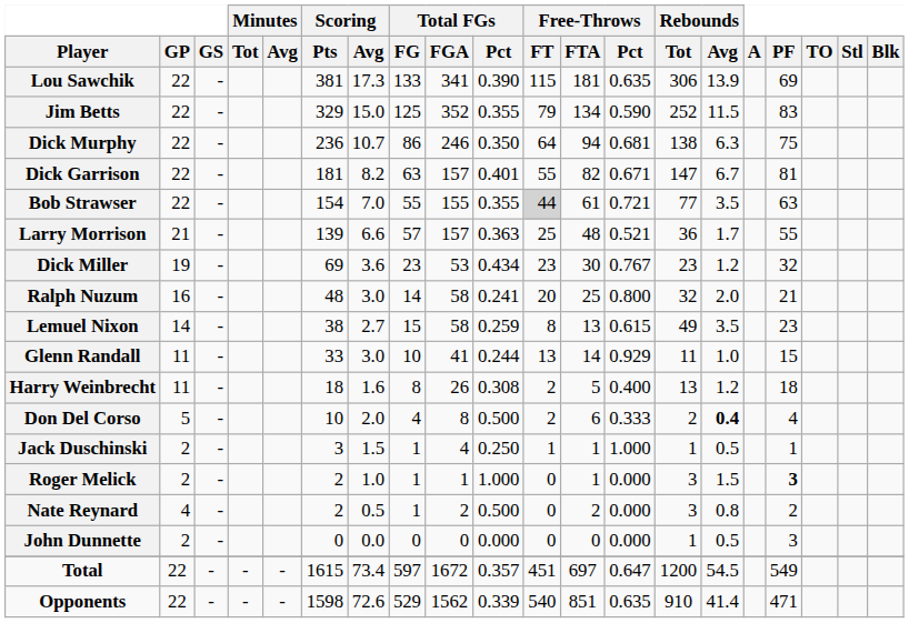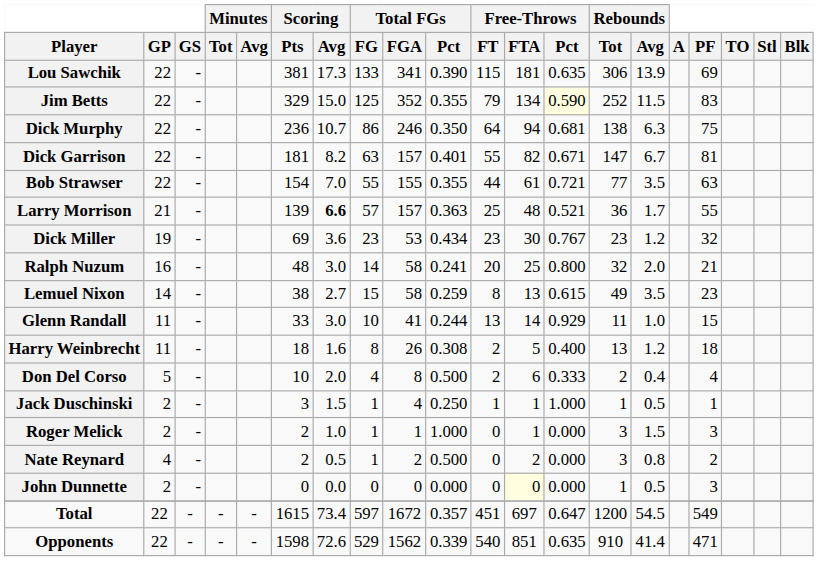 <table class="wikitable sortable" border="1" style="font-size:90%;">
 <tr>
 <th colspan="3" style="border-top-style:hidden; border-left-style:hidden; background: white;"></th>
 <th colspan="2" style=>Minutes</th>
 <th colspan="2" style=>Scoring</th>
 <th colspan="3" style=>Total FGs</th>
 <th colspan="3" style=>Free-Throws</th>
 <th colspan="2" style=>Rebounds</th>
 <th colspan="5" style="border-top-style:hidden; border-right-style:hidden; background: white;"></th>
 </tr>
 <tr>
 <th scope="col" style=>Player</th>
 <th scope="col" style=>GP</th>
 <th scope="col" style=>GS</th>
 <th scope="col" style=>Tot</th>
 <th scope="col" style=>Avg</th>
 <th scope="col" style=>Pts</th>
 <th scope="col" style=>Avg</th>
 <th scope="col" style=>FG</th>
 <th scope="col" style=>FGA</th>
 <th scope="col" style=>Pct</th>
 <th scope="col" style=>FT</th>
 <th scope="col" style=>FTA</th>
 <th scope="col" style=>Pct</th>
 <th scope="col" style=>Tot</th>
 <th scope="col" style=>Avg</th>
 <th scope="col" style=>A</th>
 <th scope="col" style=>PF</th>
 <th scope="col" style=>TO</th>
 <th scope="col" style=>Stl</th>
 <th scope="col" style=>Blk</th>
 </tr>
 <tr>
 <th>Lou Sawchik</th>
 <td align="right">22</td>
 <td align="right">-</td>
 <td align="right"></td>
 <td align="right"></td>
 <td align="right">381</td>
 <td align="right">17.3</td>
 <td align="right">133</td>
 <td align="right">341</td>
 <td align="right">0.390</td>
 <td align="right">115</td>
 <td align="right">181</td>
 <td align="right">0.635</td>
 <td align="right">306</td>
 <td align="right">13.9</td>
 <td align="right"></td>
 <td align="right">69</td>
 <td align="right"></td>
 <td align="right"></td>
 <td align="right"></td>
 </tr>
 <tr>
 <th>Jim Betts</th>
 <td align="right">22</td>
 <td align="right">-</td>
 <td align="right"></td>
 <td align="right"></td>
 <td align="right">329</td>
 <td align="right">15.0</td>
 <td align="right">125</td>
 <td align="right">352</td>
 <td align="right">0.355</td>
 <td align="right">79</td>
 <td align="right">134</td>
-<td align="right">0.590</td>
+<td align="right" style="background: lightyellow;">0.590</td>
 <td align="right">252</td>
 <td align="right">11.5</td>
 <td align="right"></td>
 <td align="right">83</td>
 <td align="right"></td>
 <td align="right"></td>
 <td align="right"></td>
 </tr>
 <tr>
 <th>Dick Murphy</th>
 <td align="right">22</td>
 <td align="right">-</td>
 <td align="right"></td>
 <td align="right"></td>
 <td align="right">236</td>
 <td align="right">10.7</td>
 <td align="right">86</td>
 <td align="right">246</td>
 <td align="right">0.350</td>
 <td align="right">64</td>
 <td align="right">94</td>
 <td align="right">0.681</td>
 <td align="right">138</td>
 <td align="right">6.3</td>
 <td align="right"></td>
 <td align="right">75</td>
 <td align="right"></td>
 <td align="right"></td>
 <td align="right"></td>
 </tr>
 <tr>
 <th>Dick Garrison</th>
 <td align="right">22</td>
 <td align="right">-</td>
 <td align="right"></td>
 <td align="right"></td>
 <td align="right">181</td>
 <td align="right">8.2</td>
 <td align="right">63</td>
 <td align="right">157</td>
 <td align="right">0.401</td>
 <td align="right">55</td>
 <td align="right">82</td>
 <td align="right">0.671</td>
 <td align="right">147</td>
 <td align="right">6.7</td>
 <td align="right"></td>
 <td align="right">81</td>
 <td align="right"></td>
 <td align="right"></td>
 <td align="right"></td>
 </tr>
 <tr>
 <th>Bob Strawser</th>
 <td align="right">22</td>
 <td align="right">-</td>
 <td align="right"></td>
 <td align="right"></td>
 <td align="right">154</td>
 <td align="right">7.0</td>
 <td align="right">55</td>
 <td align="right">155</td>
 <td align="right">0.355</td>
-<td align="right" style="background: lightgrey;">44</td>
+<td align="right">44</td>
 <td align="right">61</td>
 <td align="right">0.721</td>
 <td align="right">77</td>
 <td align="right">3.5</td>
 <td align="right"></td>
 <td align="right">63</td>
 <td align="right"></td>
 <td align="right"></td>
 <td align="right"></td>
 </tr>
 <tr>
 <th>Larry Morrison</th>
 <td align="right">21</td>
 <td align="right">-</td>
 <td align="right"></td>
 <td align="right"></td>
 <td align="right">139</td>
-<td align="right">6.6</td>
+<td align="right"><strong>6.6</strong></td>
 <td align="right">57</td>
 <td align="right">157</td>
 <td align="right">0.363</td>
 <td align="right">25</td>
 <td align="right">48</td>
 <td align="right">0.521</td>
 <td align="right">36</td>
 <td align="right">1.7</td>
 <td align="right"></td>
 <td align="right">55</td>
 <td align="right"></td>
 <td align="right"></td>
 <td align="right"></td>
 </tr>
 <tr>
 <th>Dick Miller</th>
 <td align="right">19</td>
 <td align="right">-</td>
 <td align="right"></td>
 <td align="right"></td>
 <td align="right">69</td>
 <td align="right">3.6</td>
 <td align="right">23</td>
 <td align="right">53</td>
 <td align="right">0.434</td>
 <td align="right">23</td>
 <td align="right">30</td>
 <td align="right">0.767</td>
 <td align="right">23</td>
 <td align="right">1.2</td>
 <td align="right"></td>
 <td align="right">32</td>
 <td align="right"></td>
 <td align="right"></td>
 <td align="right"></td>
 </tr>
 <tr>
 <th>Ralph Nuzum</th>
 <td align="right">16</td>
 <td align="right">-</td>
 <td align="right"></td>
 <td align="right"></td>
 <td align="right">48</td>
 <td align="right">3.0</td>
 <td align="right">14</td>
 <td align="right">58</td>
 <td align="right">0.241</td>
 <td align="right">20</td>
 <td align="right">25</td>
 <td align="right">0.800</td>
 <td align="right">32</td>
 <td align="right">2.0</td>
 <td align="right"></td>
 <td align="right">21</td>
 <td align="right"></td>
 <td align="right"></td>
 <td align="right"></td>
 </tr>
 <tr>
 <th>Lemuel Nixon</th>
 <td align="right">14</td>
 <td align="right">-</td>
 <td align="right"></td>
 <td align="right"></td>
 <td align="right">38</td>
 <td align="right">2.7</td>
 <td align="right">15</td>
 <td align="right">58</td>
 <td align="right">0.259</td>
 <td align="right">8</td>
 <td align="right">13</td>
 <td align="right">0.615</td>
 <td align="right">49</td>
 <td align="right">3.5</td>
 <td align="right"></td>
 <td align="right">23</td>
 <td align="right"></td>
 <td align="right"></td>
 <td align="right"></td>
 </tr>
 <tr>
 <th>Glenn Randall</th>
 <td align="right">11</td>
 <td align="right">-</td>
 <td align="right"></td>
 <td align="right"></td>
 <td align="right">33</td>
 <td align="right">3.0</td>
 <td align="right">10</td>
 <td align="right">41</td>
 <td align="right">0.244</td>
 <td align="right">13</td>
 <td align="right">14</td>
 <td align="right">0.929</td>
 <td align="right">11</td>
 <td align="right">1.0</td>
 <td align="right"></td>
 <td align="right">15</td>
 <td align="right"></td>
 <td align="right"></td>
 <td align="right"></td>
 </tr>
 <tr>
 <th>Harry Weinbrecht</th>
 <td align="right">11</td>
 <td align="right">-</td>
 <td align="right"></td>
 <td align="right"></td>
 <td align="right">18</td>
 <td align="right">1.6</td>
 <td align="right">8</td>
 <td align="right">26</td>
 <td align="right">0.308</td>
 <td align="right">2</td>
 <td align="right">5</td>
 <td align="right">0.400</td>
 <td align="right">13</td>
 <td align="right">1.2</td>
 <td align="right"></td>
 <td align="right">18</td>
 <td align="right"></td>
 <td align="right"></td>
 <td align="right"></td>
 </tr>
 <tr>
 <th>Don Del Corso</th>
 <td align="right">5</td>
 <td align="right">-</td>
 <td align="right"></td>
 <td align="right"></td>
 <td align="right">10</td>
 <td align="right">2.0</td>
 <td align="right">4</td>
 <td align="right">8</td>
 <td align="right">0.500</td>
 <td align="right">2</td>
 <td align="right">6</td>
 <td align="right">0.333</td>
 <td align="right">2</td>
-<td align="right"><strong>0.4</strong></td>
+<td align="right">0.4</td>
 <td align="right"></td>
 <td align="right">4</td>
 <td align="right"></td>
 <td align="right"></td>
 <td align="right"></td>
 </tr>
 <tr>
 <th>Jack Duschinski</th>
 <td align="right">2</td>
 <td align="right">-</td>
 <td align="right"></td>
 <td align="right"></td>
 <td align="right">3</td>
 <td align="right">1.5</td>
 <td align="right">1</td>
 <td align="right">4</td>
 <td align="right">0.250</td>
 <td align="right">1</td>
 <td align="right">1</td>
 <td align="right">1.000</td>
 <td align="right">1</td>
 <td align="right">0.5</td>
 <td align="right"></td>
 <td align="right">1</td>
 <td align="right"></td>
 <td align="right"></td>
 <td align="right"></td>
 </tr>
 <tr>
 <th>Roger Melick</th>
 <td align="right">2</td>
 <td align="right">-</td>
 <td align="right"></td>
 <td align="right"></td>
 <td align="right">2</td>
 <td align="right">1.0</td>
 <td align="right">1</td>
 <td align="right">1</td>
 <td align="right">1.000</td>
 <td align="right">0</td>
 <td align="right">1</td>
 <td align="right">0.000</td>
 <td align="right">3</td>
 <td align="right">1.5</td>
 <td align="right"></td>
-<td align="right"><strong>3</strong></td>
+<td align="right">3</td>
 <td align="right"></td>
 <td align="right"></td>
 <td align="right"></td>
 </tr>
 <tr>
 <th>Nate Reynard</th>
 <td align="right">4</td>
 <td align="right">-</td>
 <td align="right"></td>
 <td align="right"></td>
 <td align="right">2</td>
 <td align="right">0.5</td>
 <td align="right">1</td>
 <td align="right">2</td>
 <td align="right">0.500</td>
 <td align="right">0</td>
 <td align="right">2</td>
 <td align="right">0.000</td>
 <td align="right">3</td>
 <td align="right">0.8</td>
 <td align="right"></td>
 <td align="right">2</td>
 <td align="right"></td>
 <td align="right"></td>
 <td align="right"></td>
 </tr>
 <tr>
 <th>John Dunnette</th>
 <td align="right">2</td>
 <td align="right">-</td>
 <td align="right"></td>
 <td align="right"></td>
 <td align="right">0</td>
 <td align="right">0.0</td>
 <td align="right">0</td>
 <td align="right">0</td>
 <td align="right">0.000</td>
 <td align="right">0</td>
-<td align="right">0</td>
+<td align="right" style="background: lightyellow;">0</td>
 <td align="right">0.000</td>
 <td align="right">1</td>
 <td align="right">0.5</td>
 <td align="right"></td>
 <td align="right">3</td>
 <td align="right"></td>
 <td align="right"></td>
 <td align="right"></td>
 </tr>
 <tr>
 </tr>
 <tr class="sortbottom">
 <td align="center" style=><strong>Total</strong></td>
 <td align="center" style=>22</td>
 <td align="center" style=>-</td>
 <td align="center" style=>-</td>
 <td align="center" style=>-</td>
 <td align="center" style=>1615</td>
 <td align="center" style=>73.4</td>
 <td align="center" style=>597</td>
 <td align="center" style=>1672</td>
 <td align="center" style=>0.357</td>
 <td align="center" style=>451</td>
 <td align="center" style=>697</td>
 <td align="center" style=>0.647</td>
 <td align="center" style=>1200</td>
 <td align="center" style=>54.5</td>
 <td align="center" style=></td>
 <td align="center" style=>549</td>
 <td align="center" style=></td>
 <td align="center" style=></td>
 <td align="center" style=></td>
 </tr>
 <tr class="sortbottom">
 <td align="center"><strong>Opponents</strong></td>
 <td align="center">22</td>
 <td align="center">-</td>
 <td align="center">-</td>
 <td align="center">-</td>
 <td align="center">1598</td>
 <td align="center">72.6</td>
 <td align="center">529</td>
 <td align="center">1562</td>
 <td align="center">0.339</td>
 <td align="center">540</td>
 <td align="center">851</td>
 <td align="center">0.635</td>
 <td align="center">910</td>
 <td align="center">41.4</td>
 <td align="center"></td>
 <td align="center">471</td>
 <td align="center"></td>
 <td align="center"></td>
 <td align="center"></td>
 </tr>
 </table>
